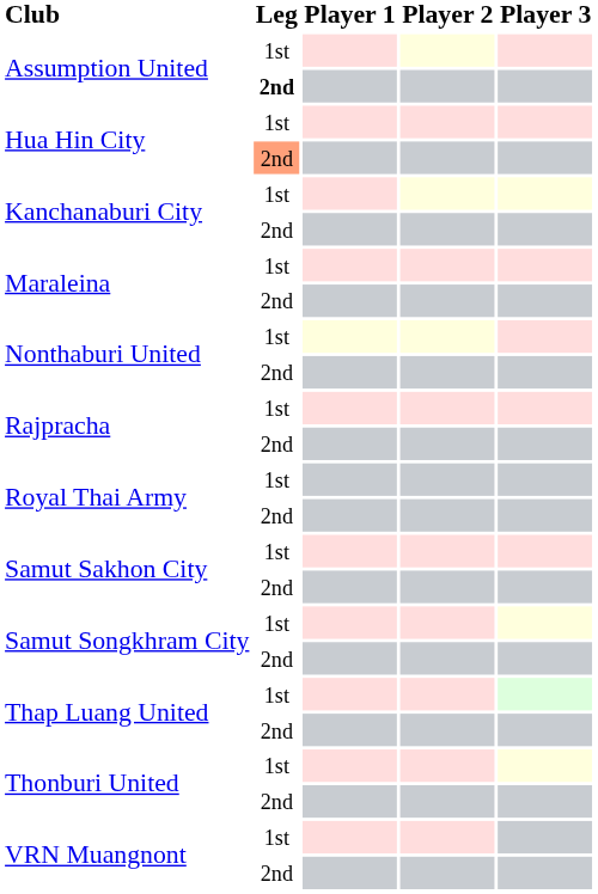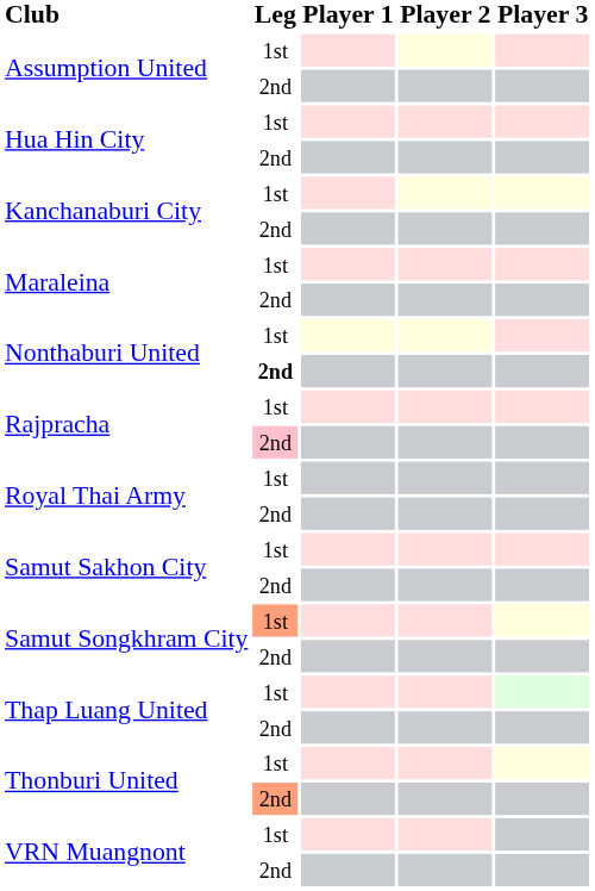 <table class="sortable" style="text-align:left">
 <tr>
 <th>Club</th>
 <th>Leg</th>
 <th>Player 1</th>
 <th>Player 2</th>
 <th>Player 3</th>
 </tr>
 <tr>
 <td rowspan="2"><a href='#'>Assumption United</a></td>
 <td align="center"><small>1st</small></td>
 <td bgcolor="#ffdddd"></td>
 <td bgcolor="#ffffdd"></td>
 <td bgcolor="#ffdddd"></td>
 </tr>
 <tr>
-<td align="center"><strong><small>2nd</small></strong></td>
+<td align="center"><small>2nd</small></td>
 <td bgcolor="#c8ccd1"></td>
 <td bgcolor="#c8ccd1"></td>
 <td bgcolor="#c8ccd1"></td>
 </tr>
 <tr>
 <td rowspan="2"><a href='#'>Hua Hin City</a></td>
 <td align="center"><small>1st</small></td>
 <td bgcolor="#ffdddd"></td>
 <td bgcolor="#ffdddd"></td>
 <td bgcolor="#ffdddd"></td>
 </tr>
 <tr>
-<td align="center" style="background: lightsalmon;"><small>2nd</small></td>
+<td align="center"><small>2nd</small></td>
 <td bgcolor="#c8ccd1"></td>
 <td bgcolor="#c8ccd1"></td>
 <td bgcolor="#c8ccd1"></td>
 </tr>
 <tr>
 <td rowspan="2"><a href='#'>Kanchanaburi City</a></td>
 <td align="center"><small>1st</small></td>
 <td bgcolor="#ffdddd"></td>
 <td bgcolor="#ffffdd"></td>
 <td bgcolor="#ffffdd"></td>
 </tr>
 <tr>
 <td align="center"><small>2nd</small></td>
 <td bgcolor="#c8ccd1"></td>
 <td bgcolor="#c8ccd1"></td>
 <td bgcolor="#c8ccd1"></td>
 </tr>
 <tr>
 <td rowspan="2"><a href='#'>Maraleina</a></td>
 <td align="center"><small>1st</small></td>
 <td bgcolor="#ffdddd"></td>
 <td bgcolor="#ffdddd"></td>
 <td bgcolor="#ffdddd"></td>
 </tr>
 <tr>
 <td align="center"><small>2nd</small></td>
 <td bgcolor="#c8ccd1"></td>
 <td bgcolor="#c8ccd1"></td>
 <td bgcolor="#c8ccd1"></td>
 </tr>
 <tr>
 <td rowspan="2"><a href='#'>Nonthaburi United</a></td>
 <td align="center"><small>1st</small></td>
 <td bgcolor="#ffffdd"></td>
 <td bgcolor="#ffffdd"></td>
 <td bgcolor="#ffdddd"></td>
 </tr>
 <tr>
-<td align="center"><small>2nd</small></td>
+<td align="center"><strong><small>2nd</small></strong></td>
 <td bgcolor="#c8ccd1"></td>
 <td bgcolor="#c8ccd1"></td>
 <td bgcolor="#c8ccd1"></td>
 </tr>
 <tr>
 <td rowspan="2"><a href='#'>Rajpracha</a></td>
 <td align="center"><small>1st</small></td>
 <td bgcolor="#ffdddd"></td>
 <td bgcolor="#ffdddd"></td>
 <td bgcolor="#ffdddd"></td>
 </tr>
 <tr>
-<td align="center"><small>2nd</small></td>
+<td align="center" style="background: pink;"><small>2nd</small></td>
 <td bgcolor="#c8ccd1"></td>
 <td bgcolor="#c8ccd1"></td>
 <td bgcolor="#c8ccd1"></td>
 </tr>
 <tr>
 <td rowspan="2"><a href='#'>Royal Thai Army</a></td>
 <td align="center"><small>1st</small></td>
 <td bgcolor="#c8ccd1"></td>
 <td bgcolor="#c8ccd1"></td>
 <td bgcolor="#c8ccd1"></td>
 </tr>
 <tr>
 <td align="center"><small>2nd</small></td>
 <td bgcolor="#c8ccd1"></td>
 <td bgcolor="#c8ccd1"></td>
 <td bgcolor="#c8ccd1"></td>
 </tr>
 <tr>
 <td rowspan="2"><a href='#'>Samut Sakhon City</a></td>
 <td align="center"><small>1st</small></td>
 <td bgcolor="#ffdddd"></td>
 <td bgcolor="#ffdddd"></td>
 <td bgcolor="#ffdddd"></td>
 </tr>
 <tr>
 <td align="center"><small>2nd</small></td>
 <td bgcolor="#c8ccd1"></td>
 <td bgcolor="#c8ccd1"></td>
 <td bgcolor="#c8ccd1"></td>
 </tr>
 <tr>
 <td rowspan="2"><a href='#'>Samut Songkhram City</a></td>
-<td align="center"><small>1st</small></td>
+<td align="center" style="background: lightsalmon;"><small>1st</small></td>
 <td bgcolor="#ffdddd"></td>
 <td bgcolor="#ffdddd"></td>
 <td bgcolor="#ffffdd"></td>
 </tr>
 <tr>
 <td align="center"><small>2nd</small></td>
 <td bgcolor="#c8ccd1"></td>
 <td bgcolor="#c8ccd1"></td>
 <td bgcolor="#c8ccd1"></td>
 </tr>
 <tr>
 <td rowspan="2"><a href='#'>Thap Luang United</a></td>
 <td align="center"><small>1st</small></td>
 <td bgcolor="#ffdddd"></td>
 <td bgcolor="#ffdddd"></td>
 <td bgcolor="#ddffdd"></td>
 </tr>
 <tr>
 <td align="center"><small>2nd</small></td>
 <td bgcolor="#c8ccd1"></td>
 <td bgcolor="#c8ccd1"></td>
 <td bgcolor="#c8ccd1"></td>
 </tr>
 <tr>
 <td rowspan="2"><a href='#'>Thonburi United</a></td>
 <td align="center"><small>1st</small></td>
 <td bgcolor="#ffdddd"></td>
 <td bgcolor="#ffdddd"></td>
 <td bgcolor="#ffffdd"></td>
 </tr>
 <tr>
-<td align="center"><small>2nd</small></td>
+<td align="center" style="background: lightsalmon;"><small>2nd</small></td>
 <td bgcolor="#c8ccd1"></td>
 <td bgcolor="#c8ccd1"></td>
 <td bgcolor="#c8ccd1"></td>
 </tr>
 <tr>
 <td rowspan="2"><a href='#'>VRN Muangnont</a></td>
 <td align="center"><small>1st</small></td>
 <td bgcolor="#ffdddd"></td>
 <td bgcolor="#ffdddd"></td>
 <td bgcolor="#c8ccd1"></td>
 </tr>
 <tr>
 <td align="center"><small>2nd</small></td>
 <td bgcolor="#c8ccd1"></td>
 <td bgcolor="#c8ccd1"></td>
 <td bgcolor="#c8ccd1"></td>
 </tr>
 </table>
